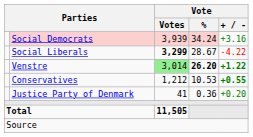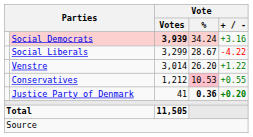 <table class="wikitable" style="text-align:right;">
 <tr>
 <th style="text-align:centre;" rowspan="2" colspan="2" width="225">Parties</th>
 <th colspan="3">Vote</th>
 </tr>
 <tr>
 <th width="15">Votes</th>
 <th width="15">%</th>
 <th width="15">+ / -</th>
 </tr>
 <tr>
 <td width="2" style="color:inherit;background:"></td>
 <td bgcolor=#fbd0ce  align="left"><a href='#'>Social Democrats</a></td>
-<td bgcolor=#fbd0ce>3,939</td>
+<td bgcolor=#fbd0ce><strong>3,939</strong></td>
 <td bgcolor=#fbd0ce>34.24</td>
 <td style=color:green;>+3.16</td>
 </tr>
 <tr>
 <td width="2" style="color:inherit;background:"></td>
 <td align="left"><a href='#'>Social Liberals</a></td>
-<td><strong>3,299</strong></td>
+<td>3,299</td>
 <td>28.67</td>
 <td style=color:red;>-4.22</td>
 </tr>
 <tr>
 <td width="2" style="color:inherit;background:"></td>
 <td align="left"><a href='#'>Venstre</a></td>
-<td style="background: lightgreen;">3,014</td>
-<td><strong>26.20</strong></td>
-<td style=color:green;><strong>+1.22</strong></td>
+<td>3,014</td>
+<td>26.20</td>
+<td style=color:green;>+1.22</td>
 </tr>
 <tr>
 <td width="2" style="color:inherit;background:"></td>
 <td align="left"><a href='#'>Conservatives</a></td>
 <td>1,212</td>
-<td>10.53</td>
-<td style=color:green;><strong>+0.55</strong></td>
+<td style="background: pink;">10.53</td>
+<td style=color:green;>+0.55</td>
 </tr>
 <tr>
 <td width="2" style="color:inherit;background:"></td>
 <td align="left"><a href='#'>Justice Party of Denmark</a></td>
 <td>41</td>
-<td>0.36</td>
-<td style=color:green;>+0.20</td>
+<td><strong>0.36</strong></td>
+<td style=color:green;><strong>+0.20</strong></td>
 </tr>
 <tr>
 <td colspan="7" bgcolor="#E9E9E9"></td>
 </tr>
 <tr>
 <td align="left" colspan="2"><strong>Total</strong></td>
 <td><strong>11,505</strong></td>
 <td bgcolor="#E9E9E9" colspan="2"></td>
 </tr>
 <tr>
 <td align="left" colspan="6">Source</td>
 </tr>
 </table>
